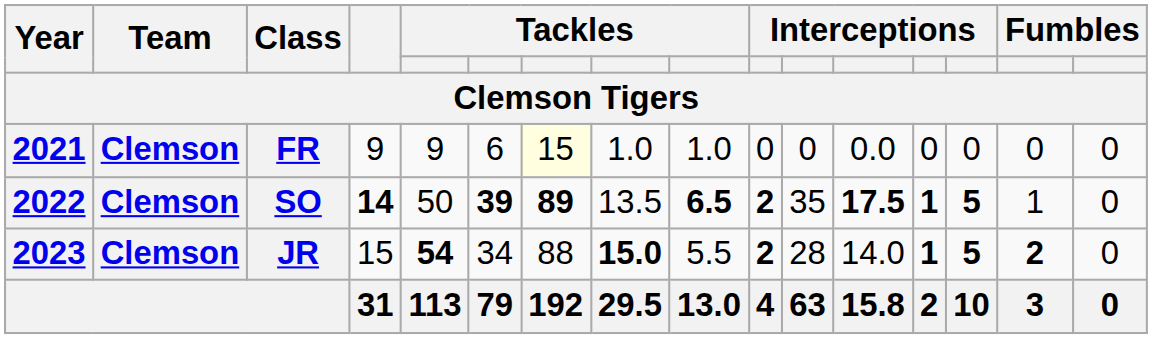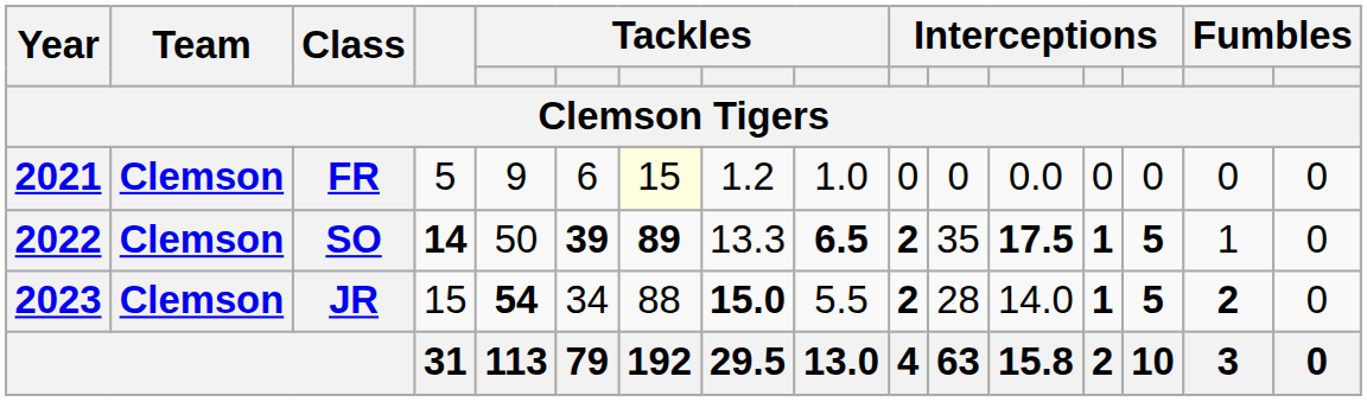 <table class="wikitable sortable" style="text-align:center;">
 <tr>
 <th rowspan="2">Year</th>
 <th rowspan="2">Team</th>
 <th rowspan="2">Class</th>
 <th rowspan="2"></th>
 <th colspan="5">Tackles</th>
 <th colspan="5">Interceptions</th>
 <th colspan="2">Fumbles</th>
 </tr>
 <tr>
 <th></th>
 <th></th>
 <th></th>
 <th></th>
 <th></th>
 <th></th>
 <th></th>
 <th></th>
 <th></th>
 <th></th>
 <th></th>
 <th></th>
 </tr>
 <tr>
 <th colspan="16">Clemson Tigers</th>
 </tr>
 <tr>
 <th><a href='#'>2021</a></th>
 <th><a href='#'>Clemson</a></th>
 <th><a href='#'>FR</a></th>
-<td>9</td>
+<td>5</td>
 <td>9</td>
 <td>6</td>
 <td style="background: lightyellow;">15</td>
-<td>1.0</td>
+<td>1.2</td>
 <td>1.0</td>
 <td>0</td>
 <td>0</td>
 <td>0.0</td>
 <td>0</td>
 <td>0</td>
 <td>0</td>
 <td>0</td>
 </tr>
 <tr>
 <th><a href='#'>2022</a></th>
 <th><a href='#'>Clemson</a></th>
 <th><a href='#'>SO</a></th>
 <td><strong>14</strong></td>
 <td>50</td>
 <td><strong>39</strong></td>
 <td><strong>89</strong></td>
-<td>13.5</td>
+<td>13.3</td>
 <td><strong>6.5</strong></td>
 <td><strong>2</strong></td>
 <td>35</td>
 <td><strong>17.5</strong></td>
 <td><strong>1</strong></td>
 <td><strong>5</strong></td>
 <td>1</td>
 <td>0</td>
 </tr>
 <tr>
 <th><a href='#'>2023</a></th>
 <th><a href='#'>Clemson</a></th>
 <th><a href='#'>JR</a></th>
 <td>15</td>
 <td><strong>54</strong></td>
 <td>34</td>
 <td>88</td>
 <td><strong>15.0</strong></td>
 <td>5.5</td>
 <td><strong>2</strong></td>
 <td>28</td>
 <td>14.0</td>
 <td><strong>1</strong></td>
 <td><strong>5</strong></td>
 <td><strong>2</strong></td>
 <td>0</td>
 </tr>
 <tr>
 <th colspan="3"></th>
 <th>31</th>
 <th>113</th>
 <th>79</th>
 <th>192</th>
 <th>29.5</th>
 <th>13.0</th>
 <th>4</th>
 <th>63</th>
 <th>15.8</th>
 <th>2</th>
 <th>10</th>
 <th>3</th>
 <th>0</th>
 </tr>
 </table>
